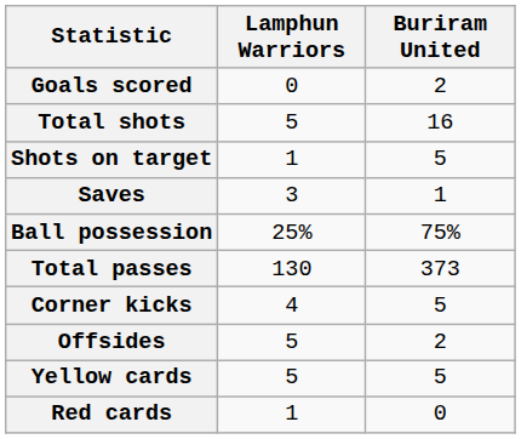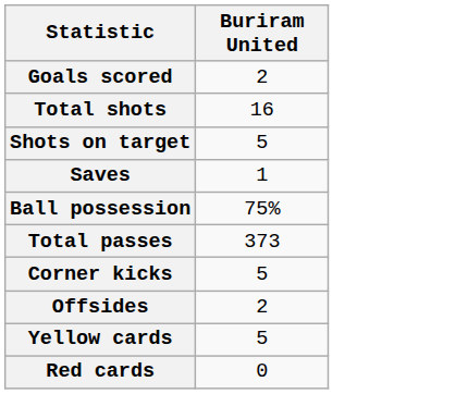 <table class="wikitable plainrowheaders" style="text-align:center">
 <tr>
 <th scope="col">Statistic</th>
-<th scope="col" style="width:80px">Lamphun Warriors</th>
 <th scope="col" style="width:80px">Buriram United</th>
 </tr>
 <tr>
 <th scope=row>Goals scored</th>
-<td>0</td>
 <td>2</td>
 </tr>
 <tr>
 <th scope=row>Total shots</th>
-<td>5</td>
 <td>16</td>
 </tr>
 <tr>
 <th scope=row>Shots on target</th>
-<td>1</td>
 <td>5</td>
 </tr>
 <tr>
 <th scope=row>Saves</th>
-<td>3</td>
 <td>1</td>
 </tr>
 <tr>
 <th scope=row>Ball possession</th>
-<td>25%</td>
 <td>75%</td>
 </tr>
 <tr>
 <th scope=row>Total passes</th>
-<td>130</td>
 <td>373</td>
 </tr>
 <tr>
 <th scope=row>Corner kicks</th>
-<td>4</td>
 <td>5</td>
 </tr>
 <tr>
 <th scope=row>Offsides</th>
-<td>5</td>
 <td>2</td>
 </tr>
 <tr>
 <th scope=row>Yellow cards</th>
 <td>5</td>
-<td>5</td>
 </tr>
 <tr>
 <th scope=row>Red cards</th>
-<td>1</td>
 <td>0</td>
 </tr>
 </table>
